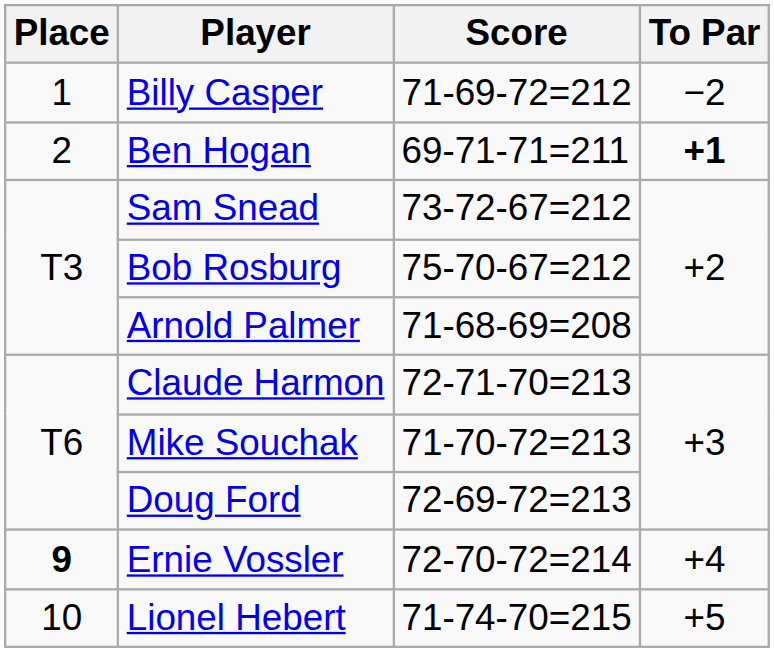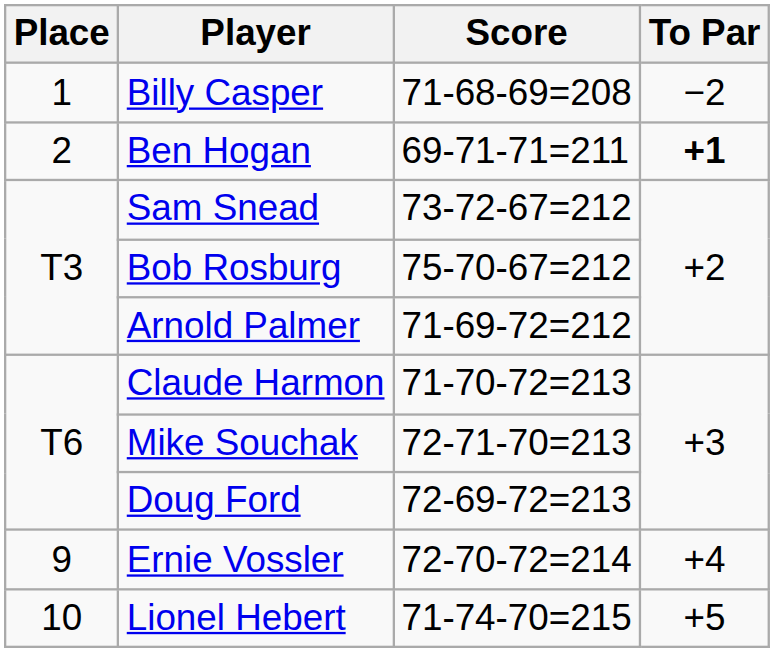 <table class=wikitable>
 <tr>
 <th>Place</th>
 <th>Player</th>
 <th>Score</th>
 <th>To Par</th>
 </tr>
 <tr>
 <td align=center>1</td>
 <td> <a href='#'>Billy Casper</a></td>
-<td>71-69-72=212</td>
+<td>71-68-69=208</td>
 <td align=center>−2</td>
 </tr>
 <tr>
 <td align=center>2</td>
 <td> <a href='#'>Ben Hogan</a></td>
 <td>69-71-71=211</td>
 <td align=center><strong>+1</strong></td>
 </tr>
 <tr>
 <td rowspan=3 align=center>T3</td>
 <td> <a href='#'>Sam Snead</a></td>
 <td>73-72-67=212</td>
 <td rowspan=3 align=center>+2</td>
 </tr>
 <tr>
 <td> <a href='#'>Bob Rosburg</a></td>
 <td>75-70-67=212</td>
 </tr>
 <tr>
 <td> <a href='#'>Arnold Palmer</a></td>
-<td>71-68-69=208</td>
+<td>71-69-72=212</td>
 </tr>
 <tr>
 <td rowspan=3 align=center>T6</td>
 <td> <a href='#'>Claude Harmon</a></td>
-<td>72-71-70=213</td>
+<td>71-70-72=213</td>
 <td rowspan=3 align=center>+3</td>
 </tr>
 <tr>
 <td> <a href='#'>Mike Souchak</a></td>
-<td>71-70-72=213</td>
+<td>72-71-70=213</td>
 </tr>
 <tr>
 <td> <a href='#'>Doug Ford</a></td>
 <td>72-69-72=213</td>
 </tr>
 <tr>
-<td align=center><strong>9</strong></td>
+<td align=center>9</td>
 <td> <a href='#'>Ernie Vossler</a></td>
 <td>72-70-72=214</td>
 <td align=center>+4</td>
 </tr>
 <tr>
 <td align=center>10</td>
 <td> <a href='#'>Lionel Hebert</a></td>
 <td>71-74-70=215</td>
 <td align=center>+5</td>
 </tr>
 </table>
